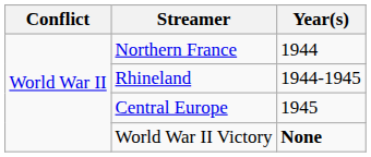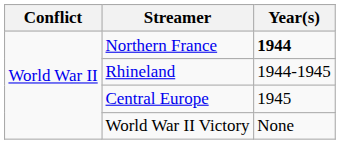 <table class=wikitable>
 <tr style="background:#efefef;">
 <th>Conflict</th>
 <th>Streamer</th>
 <th>Year(s)</th>
 </tr>
 <tr>
 <td rowspan="4"><a href='#'>World War II</a> <br> <br> </td>
 <td><a href='#'>Northern France</a></td>
-<td>1944</td>
+<td><strong>1944</strong></td>
 </tr>
 <tr>
 <td><a href='#'>Rhineland</a></td>
 <td>1944-1945</td>
 </tr>
 <tr>
 <td><a href='#'>Central Europe</a></td>
 <td>1945</td>
 </tr>
 <tr>
 <td>World War II Victory</td>
-<td><strong>None</strong></td>
+<td>None</td>
 </tr>
 </table>
